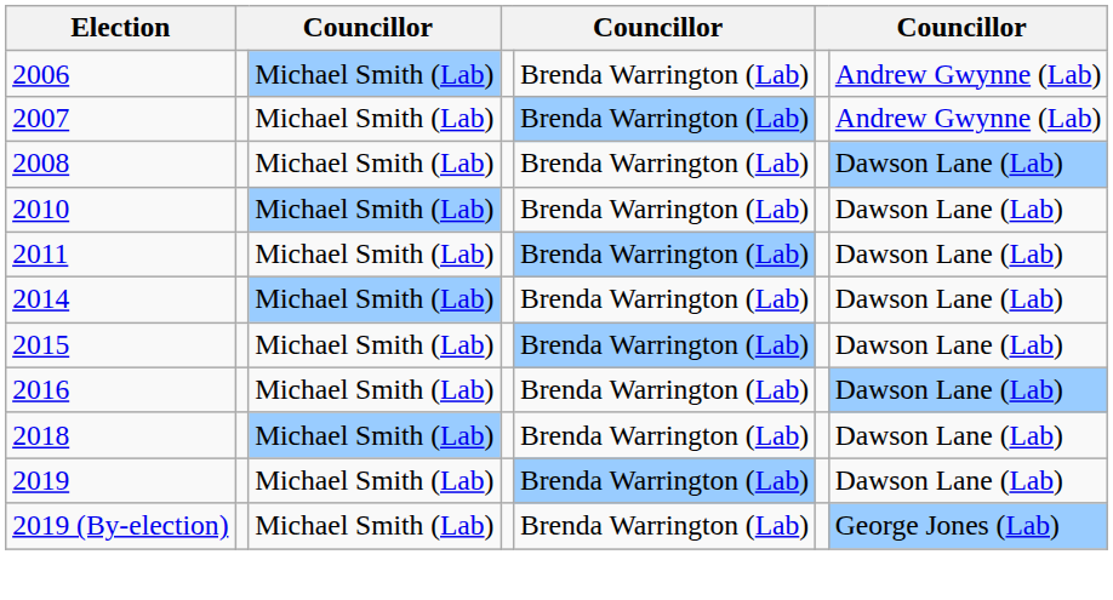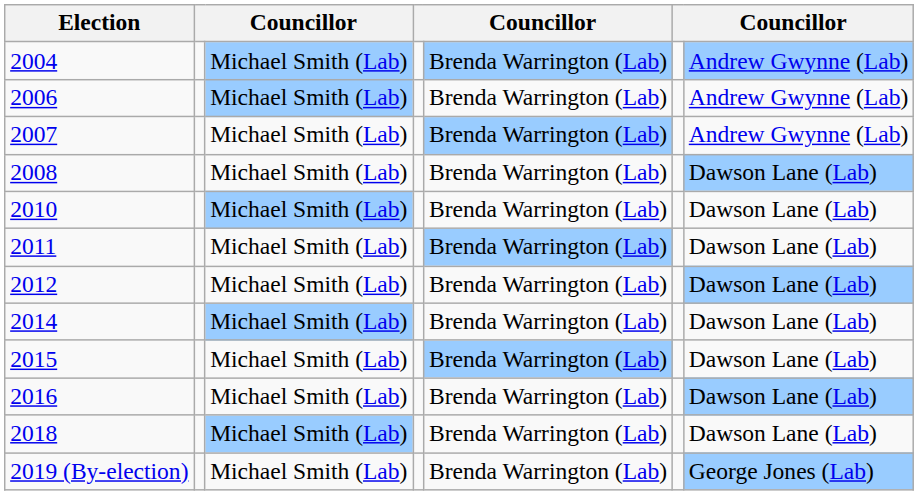 <table class="wikitable">
 <tr>
 <th>Election</th>
 <th colspan="2">Councillor</th>
 <th colspan="2">Councillor</th>
 <th colspan="2">Councillor</th>
+</tr>
+<tr>
+<td><a href='#'>2004</a></td>
+<td style="background-color: "></td>
+<td bgcolor="#99CCFF">Michael Smith (<a href='#'>Lab</a>)</td>
+<td style="background-color: "></td>
+<td bgcolor="#99CCFF">Brenda Warrington (<a href='#'>Lab</a>)</td>
+<td style="background-color: "></td>
+<td bgcolor="#99CCFF"><a href='#'>Andrew Gwynne</a> (<a href='#'>Lab</a>)</td>
 </tr>
 <tr>
 <td><a href='#'>2006</a></td>
 <td style="background-color: "></td>
 <td bgcolor="#99CCFF">Michael Smith (<a href='#'>Lab</a>)</td>
 <td style="background-color: "></td>
 <td>Brenda Warrington (<a href='#'>Lab</a>)</td>
 <td style="background-color: "></td>
 <td><a href='#'>Andrew Gwynne</a> (<a href='#'>Lab</a>)</td>
 </tr>
 <tr>
 <td><a href='#'>2007</a></td>
 <td style="background-color: "></td>
 <td>Michael Smith (<a href='#'>Lab</a>)</td>
 <td style="background-color: "></td>
 <td bgcolor="#99CCFF">Brenda Warrington (<a href='#'>Lab</a>)</td>
 <td style="background-color: "></td>
 <td><a href='#'>Andrew Gwynne</a> (<a href='#'>Lab</a>)</td>
 </tr>
 <tr>
 <td><a href='#'>2008</a></td>
 <td style="background-color: "></td>
 <td>Michael Smith (<a href='#'>Lab</a>)</td>
 <td style="background-color: "></td>
 <td>Brenda Warrington (<a href='#'>Lab</a>)</td>
 <td style="background-color: "></td>
 <td bgcolor="#99CCFF">Dawson Lane (<a href='#'>Lab</a>)</td>
 </tr>
 <tr>
 <td><a href='#'>2010</a></td>
 <td style="background-color: "></td>
 <td bgcolor="#99CCFF">Michael Smith (<a href='#'>Lab</a>)</td>
 <td style="background-color: "></td>
 <td>Brenda Warrington (<a href='#'>Lab</a>)</td>
 <td style="background-color: "></td>
 <td>Dawson Lane (<a href='#'>Lab</a>)</td>
 </tr>
 <tr>
 <td><a href='#'>2011</a></td>
 <td style="background-color: "></td>
 <td>Michael Smith (<a href='#'>Lab</a>)</td>
 <td style="background-color: "></td>
 <td bgcolor="#99CCFF">Brenda Warrington (<a href='#'>Lab</a>)</td>
 <td style="background-color: "></td>
 <td>Dawson Lane (<a href='#'>Lab</a>)</td>
 </tr>
 <tr>
+<td><a href='#'>2012</a></td>
+<td style="background-color: "></td>
+<td>Michael Smith (<a href='#'>Lab</a>)</td>
+<td style="background-color: "></td>
+<td>Brenda Warrington (<a href='#'>Lab</a>)</td>
+<td style="background-color: "></td>
+<td bgcolor="#99CCFF">Dawson Lane (<a href='#'>Lab</a>)</td>
+</tr>
+<tr>
 <td><a href='#'>2014</a></td>
 <td style="background-color: "></td>
 <td bgcolor="#99CCFF">Michael Smith (<a href='#'>Lab</a>)</td>
 <td style="background-color: "></td>
 <td>Brenda Warrington (<a href='#'>Lab</a>)</td>
 <td style="background-color: "></td>
 <td>Dawson Lane (<a href='#'>Lab</a>)</td>
 </tr>
 <tr>
 <td><a href='#'>2015</a></td>
 <td style="background-color: "></td>
 <td>Michael Smith (<a href='#'>Lab</a>)</td>
 <td style="background-color: "></td>
 <td bgcolor="#99CCFF">Brenda Warrington (<a href='#'>Lab</a>)</td>
 <td style="background-color: "></td>
 <td>Dawson Lane (<a href='#'>Lab</a>)</td>
 </tr>
 <tr>
 <td><a href='#'>2016</a></td>
 <td style="background-color: "></td>
 <td>Michael Smith (<a href='#'>Lab</a>)</td>
 <td style="background-color: "></td>
 <td>Brenda Warrington (<a href='#'>Lab</a>)</td>
 <td style="background-color: "></td>
 <td bgcolor="#99CCFF">Dawson Lane (<a href='#'>Lab</a>)</td>
 </tr>
 <tr>
 <td><a href='#'>2018</a></td>
 <td style="background-color: "></td>
 <td bgcolor="#99CCFF">Michael Smith (<a href='#'>Lab</a>)</td>
 <td style="background-color: "></td>
 <td>Brenda Warrington (<a href='#'>Lab</a>)</td>
 <td style="background-color: "></td>
 <td>Dawson Lane (<a href='#'>Lab</a>)</td>
 </tr>
 <tr>
-<td><a href='#'>2019</a></td>
-<td style="background-color: "></td>
-<td>Michael Smith (<a href='#'>Lab</a>)</td>
-<td style="background-color: "></td>
-<td bgcolor="#99CCFF">Brenda Warrington (<a href='#'>Lab</a>)</td>
-<td style="background-color: "></td>
-<td>Dawson Lane (<a href='#'>Lab</a>)</td>
-</tr>
-<tr>
 <td><a href='#'>2019 (By-election)</a></td>
 <td style="background-color: "></td>
 <td>Michael Smith (<a href='#'>Lab</a>)</td>
 <td style="background-color: "></td>
 <td>Brenda Warrington (<a href='#'>Lab</a>)</td>
 <td style="background-color: "></td>
 <td bgcolor="#99CCFF">George Jones (<a href='#'>Lab</a>)</td>
 </tr>
 </table>
